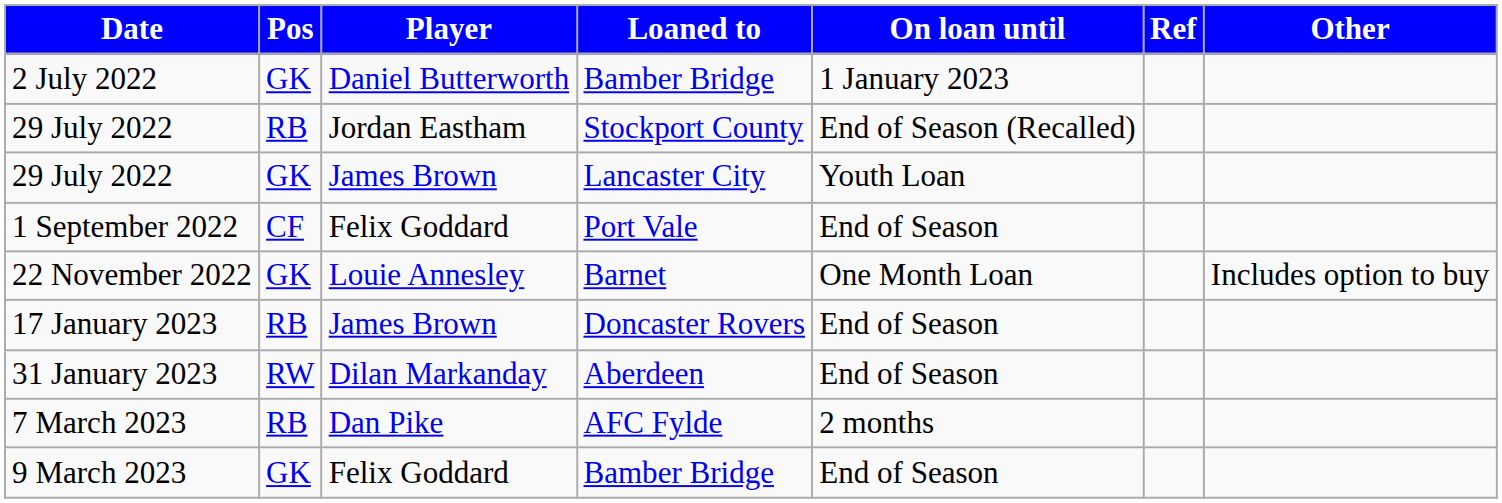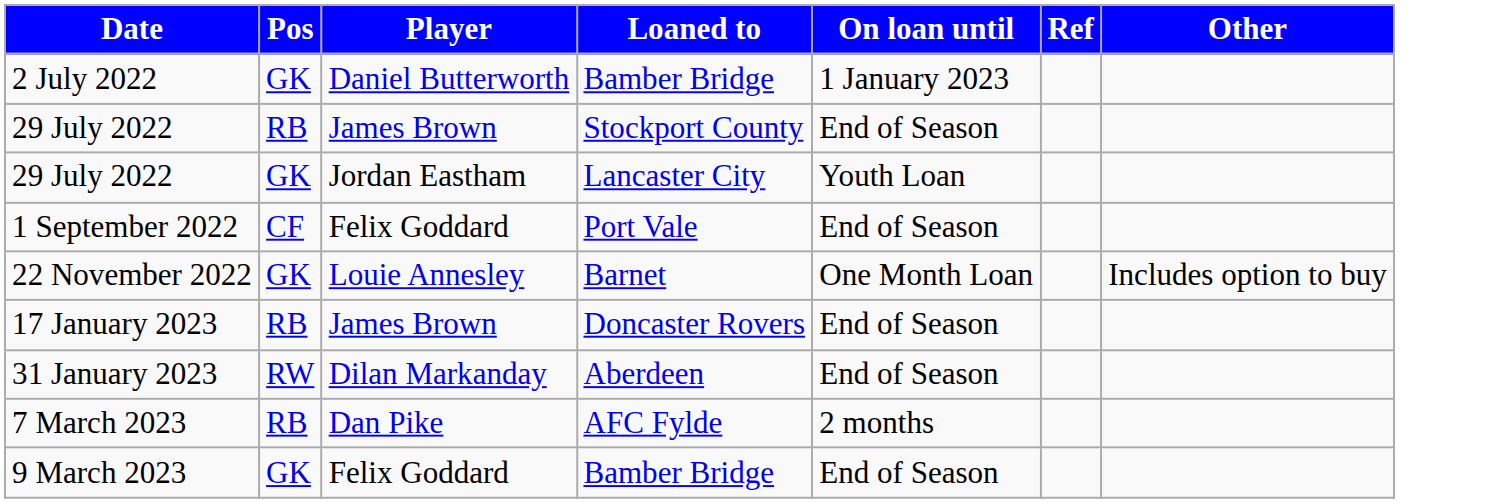 <table class="wikitable plainrowheaders sortable">
 <tr>
 <th style="background:#0000FF; color:#ffffff; ">Date</th>
 <th style="background:#0000FF; color:#ffffff; ">Pos</th>
 <th style="background:#0000FF; color:#ffffff; ">Player</th>
 <th style="background:#0000FF; color:#ffffff; ">Loaned to</th>
 <th style="background:#0000FF; color:#ffffff; ">On loan until</th>
 <th style="background:#0000FF; color:#ffffff; ">Ref</th>
 <th style="background:#0000FF; color:#ffffff; ">Other</th>
 </tr>
 <tr>
 <td>2 July 2022</td>
 <td><a href='#'>GK</a></td>
 <td> <a href='#'>Daniel Butterworth</a></td>
 <td> <a href='#'>Bamber Bridge</a></td>
 <td>1 January 2023</td>
 <td></td>
 <td></td>
 </tr>
 <tr>
 <td>29 July 2022</td>
 <td><a href='#'>RB</a></td>
-<td> Jordan Eastham</td>
+<td> <a href='#'>James Brown</a></td>
 <td> <a href='#'>Stockport County</a></td>
-<td>End of Season (Recalled)</td>
+<td>End of Season</td>
 <td></td>
 <td></td>
 </tr>
 <tr>
 <td>29 July 2022</td>
 <td><a href='#'>GK</a></td>
-<td> <a href='#'>James Brown</a></td>
+<td> Jordan Eastham</td>
 <td> <a href='#'>Lancaster City</a></td>
 <td>Youth Loan</td>
 <td></td>
 <td></td>
 </tr>
 <tr>
 <td>1 September 2022</td>
 <td><a href='#'>CF</a></td>
 <td> Felix Goddard</td>
 <td> <a href='#'>Port Vale</a></td>
 <td>End of Season</td>
 <td></td>
 <td></td>
 </tr>
 <tr>
 <td>22 November 2022</td>
 <td><a href='#'>GK</a></td>
 <td> <a href='#'>Louie Annesley</a></td>
 <td> <a href='#'>Barnet</a></td>
 <td>One Month Loan</td>
 <td></td>
 <td>Includes option to buy</td>
 </tr>
 <tr>
 <td>17 January 2023</td>
 <td><a href='#'>RB</a></td>
 <td> <a href='#'>James Brown</a></td>
 <td> <a href='#'>Doncaster Rovers</a></td>
 <td>End of Season</td>
 <td></td>
 <td></td>
 </tr>
 <tr>
 <td>31 January 2023</td>
 <td><a href='#'>RW</a></td>
 <td> <a href='#'>Dilan Markanday</a></td>
 <td> <a href='#'>Aberdeen</a></td>
 <td>End of Season</td>
 <td></td>
 <td></td>
 </tr>
 <tr>
 <td>7 March 2023</td>
 <td><a href='#'>RB</a></td>
 <td> <a href='#'>Dan Pike</a></td>
 <td> <a href='#'>AFC Fylde</a></td>
 <td>2 months</td>
 <td></td>
 <td></td>
 </tr>
 <tr>
 <td>9 March 2023</td>
 <td><a href='#'>GK</a></td>
 <td> Felix Goddard</td>
 <td> <a href='#'>Bamber Bridge</a></td>
 <td>End of Season</td>
 <td></td>
 <td></td>
 </tr>
 </table>
